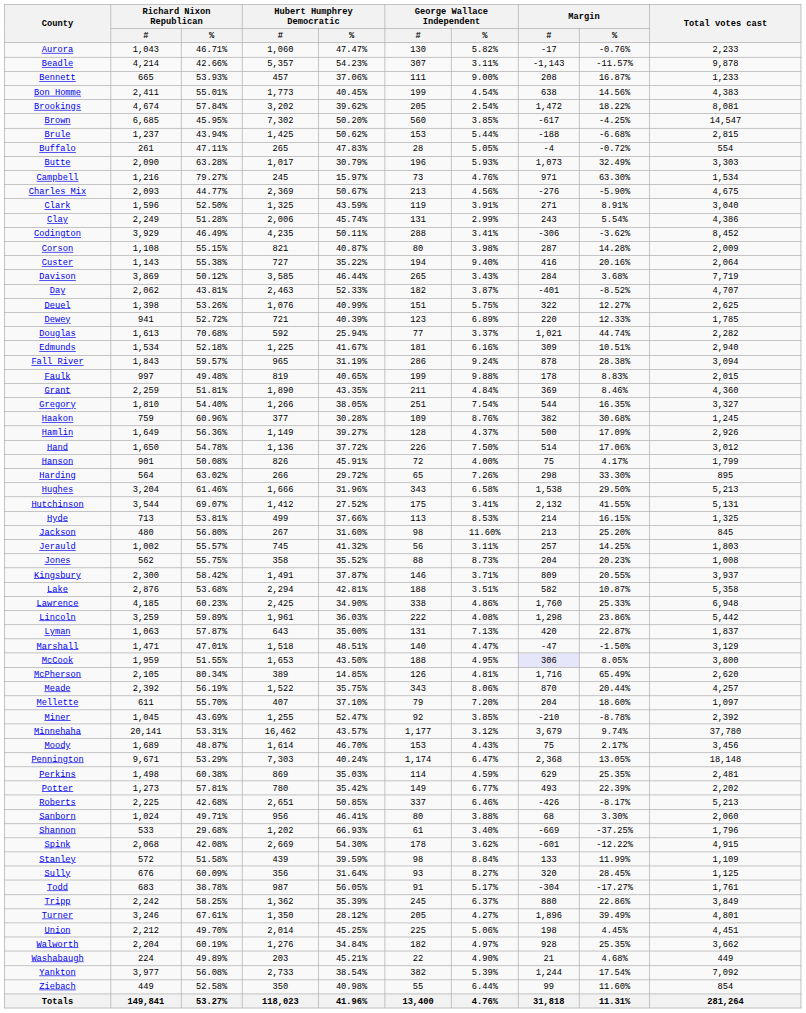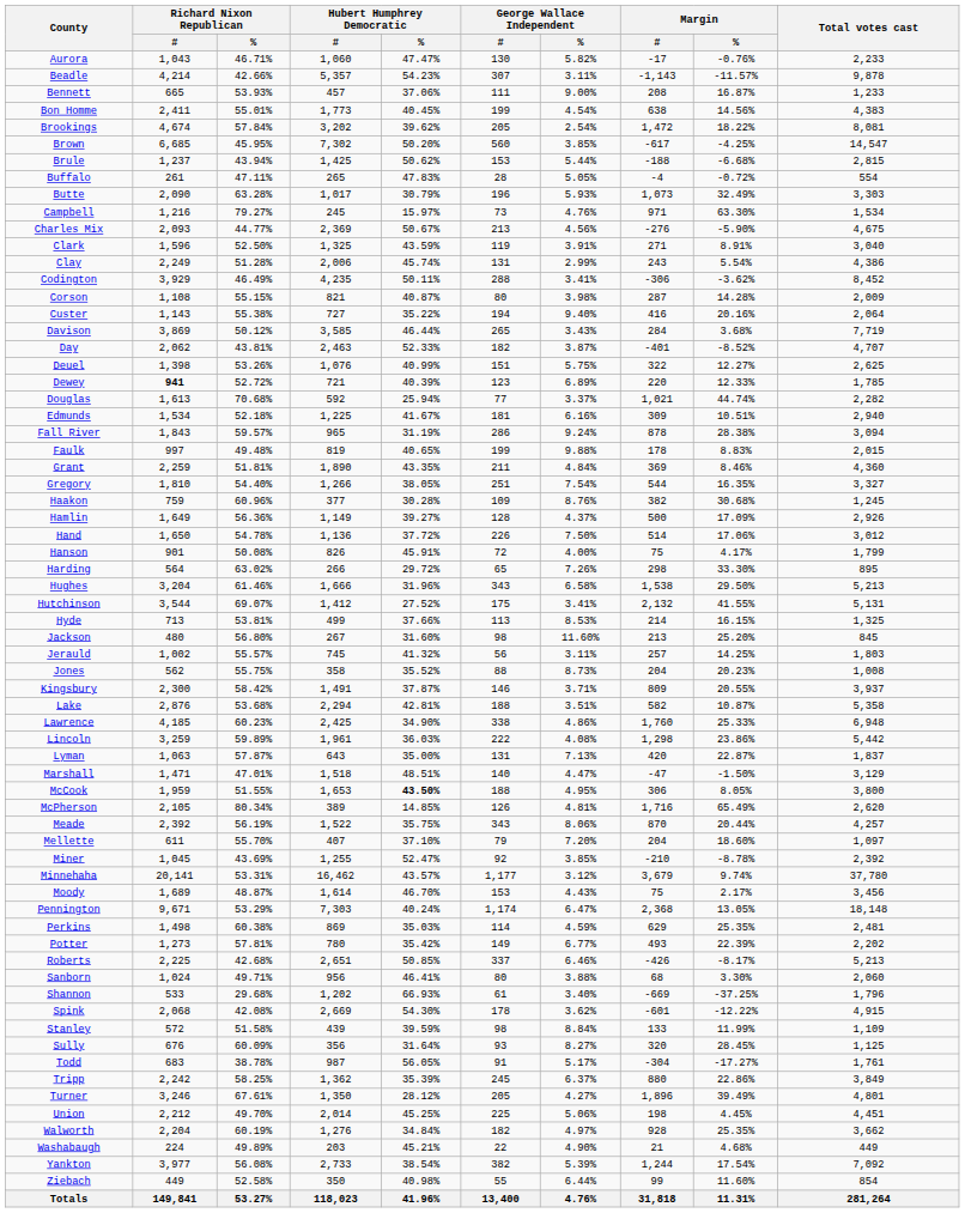 <table class="wikitable sortable" width="60%">
 <tr>
 <th rowspan="2">County</th>
 <th colspan="2">Richard Nixon<br>Republican</th>
 <th colspan="2">Hubert Humphrey<br>Democratic</th>
 <th colspan="2">George Wallace<br>Independent</th>
 <th colspan="2">Margin</th>
 <th rowspan="2">Total votes cast</th>
 </tr>
 <tr style="text-align:center;">
 <th data-sort-type="number">#</th>
 <th data-sort-type="number">%</th>
 <th data-sort-type="number">#</th>
 <th data-sort-type="number">%</th>
 <th data-sort-type="number">#</th>
 <th data-sort-type="number">%</th>
 <th data-sort-type="number">#</th>
 <th data-sort-type="number">%</th>
 </tr>
 <tr style="text-align:center;">
 <td><a href='#'>Aurora</a></td>
 <td>1,043</td>
 <td>46.71%</td>
 <td>1,060</td>
 <td>47.47%</td>
 <td>130</td>
 <td>5.82%</td>
 <td>-17</td>
 <td>-0.76%</td>
 <td>2,233</td>
 </tr>
 <tr style="text-align:center;">
 <td><a href='#'>Beadle</a></td>
 <td>4,214</td>
 <td>42.66%</td>
 <td>5,357</td>
 <td>54.23%</td>
 <td>307</td>
 <td>3.11%</td>
 <td>-1,143</td>
 <td>-11.57%</td>
 <td>9,878</td>
 </tr>
 <tr style="text-align:center;">
 <td><a href='#'>Bennett</a></td>
 <td>665</td>
 <td>53.93%</td>
 <td>457</td>
 <td>37.06%</td>
 <td>111</td>
 <td>9.00%</td>
 <td>208</td>
 <td>16.87%</td>
 <td>1,233</td>
 </tr>
 <tr style="text-align:center;">
 <td><a href='#'>Bon Homme</a></td>
 <td>2,411</td>
 <td>55.01%</td>
 <td>1,773</td>
 <td>40.45%</td>
 <td>199</td>
 <td>4.54%</td>
 <td>638</td>
 <td>14.56%</td>
 <td>4,383</td>
 </tr>
 <tr style="text-align:center;">
 <td><a href='#'>Brookings</a></td>
 <td>4,674</td>
 <td>57.84%</td>
 <td>3,202</td>
 <td>39.62%</td>
 <td>205</td>
 <td>2.54%</td>
 <td>1,472</td>
 <td>18.22%</td>
 <td>8,081</td>
 </tr>
 <tr style="text-align:center;">
 <td><a href='#'>Brown</a></td>
 <td>6,685</td>
 <td>45.95%</td>
 <td>7,302</td>
 <td>50.20%</td>
 <td>560</td>
 <td>3.85%</td>
 <td>-617</td>
 <td>-4.25%</td>
 <td>14,547</td>
 </tr>
 <tr style="text-align:center;">
 <td><a href='#'>Brule</a></td>
 <td>1,237</td>
 <td>43.94%</td>
 <td>1,425</td>
 <td>50.62%</td>
 <td>153</td>
 <td>5.44%</td>
 <td>-188</td>
 <td>-6.68%</td>
 <td>2,815</td>
 </tr>
 <tr style="text-align:center;">
 <td><a href='#'>Buffalo</a></td>
 <td>261</td>
 <td>47.11%</td>
 <td>265</td>
 <td>47.83%</td>
 <td>28</td>
 <td>5.05%</td>
 <td>-4</td>
 <td>-0.72%</td>
 <td>554</td>
 </tr>
 <tr style="text-align:center;">
 <td><a href='#'>Butte</a></td>
 <td>2,090</td>
 <td>63.28%</td>
 <td>1,017</td>
 <td>30.79%</td>
 <td>196</td>
 <td>5.93%</td>
 <td>1,073</td>
 <td>32.49%</td>
 <td>3,303</td>
 </tr>
 <tr style="text-align:center;">
 <td><a href='#'>Campbell</a></td>
 <td>1,216</td>
 <td>79.27%</td>
 <td>245</td>
 <td>15.97%</td>
 <td>73</td>
 <td>4.76%</td>
 <td>971</td>
 <td>63.30%</td>
 <td>1,534</td>
 </tr>
 <tr style="text-align:center;">
 <td><a href='#'>Charles Mix</a></td>
 <td>2,093</td>
 <td>44.77%</td>
 <td>2,369</td>
 <td>50.67%</td>
 <td>213</td>
 <td>4.56%</td>
 <td>-276</td>
 <td>-5.90%</td>
 <td>4,675</td>
 </tr>
 <tr style="text-align:center;">
 <td><a href='#'>Clark</a></td>
 <td>1,596</td>
 <td>52.50%</td>
 <td>1,325</td>
 <td>43.59%</td>
 <td>119</td>
 <td>3.91%</td>
 <td>271</td>
 <td>8.91%</td>
 <td>3,040</td>
 </tr>
 <tr style="text-align:center;">
 <td><a href='#'>Clay</a></td>
 <td>2,249</td>
 <td>51.28%</td>
 <td>2,006</td>
 <td>45.74%</td>
 <td>131</td>
 <td>2.99%</td>
 <td>243</td>
 <td>5.54%</td>
 <td>4,386</td>
 </tr>
 <tr style="text-align:center;">
 <td><a href='#'>Codington</a></td>
 <td>3,929</td>
 <td>46.49%</td>
 <td>4,235</td>
 <td>50.11%</td>
 <td>288</td>
 <td>3.41%</td>
 <td>-306</td>
 <td>-3.62%</td>
 <td>8,452</td>
 </tr>
 <tr style="text-align:center;">
 <td><a href='#'>Corson</a></td>
 <td>1,108</td>
 <td>55.15%</td>
 <td>821</td>
 <td>40.87%</td>
 <td>80</td>
 <td>3.98%</td>
 <td>287</td>
 <td>14.28%</td>
 <td>2,009</td>
 </tr>
 <tr style="text-align:center;">
 <td><a href='#'>Custer</a></td>
 <td>1,143</td>
 <td>55.38%</td>
 <td>727</td>
 <td>35.22%</td>
 <td>194</td>
 <td>9.40%</td>
 <td>416</td>
 <td>20.16%</td>
 <td>2,064</td>
 </tr>
 <tr style="text-align:center;">
 <td><a href='#'>Davison</a></td>
 <td>3,869</td>
 <td>50.12%</td>
 <td>3,585</td>
 <td>46.44%</td>
 <td>265</td>
 <td>3.43%</td>
 <td>284</td>
 <td>3.68%</td>
 <td>7,719</td>
 </tr>
 <tr style="text-align:center;">
 <td><a href='#'>Day</a></td>
 <td>2,062</td>
 <td>43.81%</td>
 <td>2,463</td>
 <td>52.33%</td>
 <td>182</td>
 <td>3.87%</td>
 <td>-401</td>
 <td>-8.52%</td>
 <td>4,707</td>
 </tr>
 <tr style="text-align:center;">
 <td><a href='#'>Deuel</a></td>
 <td>1,398</td>
 <td>53.26%</td>
 <td>1,076</td>
 <td>40.99%</td>
 <td>151</td>
 <td>5.75%</td>
 <td>322</td>
 <td>12.27%</td>
 <td>2,625</td>
 </tr>
 <tr style="text-align:center;">
 <td><a href='#'>Dewey</a></td>
-<td>941</td>
+<td><strong>941</strong></td>
 <td>52.72%</td>
 <td>721</td>
 <td>40.39%</td>
 <td>123</td>
 <td>6.89%</td>
 <td>220</td>
 <td>12.33%</td>
 <td>1,785</td>
 </tr>
 <tr style="text-align:center;">
 <td><a href='#'>Douglas</a></td>
 <td>1,613</td>
 <td>70.68%</td>
 <td>592</td>
 <td>25.94%</td>
 <td>77</td>
 <td>3.37%</td>
 <td>1,021</td>
 <td>44.74%</td>
 <td>2,282</td>
 </tr>
 <tr style="text-align:center;">
 <td><a href='#'>Edmunds</a></td>
 <td>1,534</td>
 <td>52.18%</td>
 <td>1,225</td>
 <td>41.67%</td>
 <td>181</td>
 <td>6.16%</td>
 <td>309</td>
 <td>10.51%</td>
 <td>2,940</td>
 </tr>
 <tr style="text-align:center;">
 <td><a href='#'>Fall River</a></td>
 <td>1,843</td>
 <td>59.57%</td>
 <td>965</td>
 <td>31.19%</td>
 <td>286</td>
 <td>9.24%</td>
 <td>878</td>
 <td>28.38%</td>
 <td>3,094</td>
 </tr>
 <tr style="text-align:center;">
 <td><a href='#'>Faulk</a></td>
 <td>997</td>
 <td>49.48%</td>
 <td>819</td>
 <td>40.65%</td>
 <td>199</td>
 <td>9.88%</td>
 <td>178</td>
 <td>8.83%</td>
 <td>2,015</td>
 </tr>
 <tr style="text-align:center;">
 <td><a href='#'>Grant</a></td>
 <td>2,259</td>
 <td>51.81%</td>
 <td>1,890</td>
 <td>43.35%</td>
 <td>211</td>
 <td>4.84%</td>
 <td>369</td>
 <td>8.46%</td>
 <td>4,360</td>
 </tr>
 <tr style="text-align:center;">
 <td><a href='#'>Gregory</a></td>
 <td>1,810</td>
 <td>54.40%</td>
 <td>1,266</td>
 <td>38.05%</td>
 <td>251</td>
 <td>7.54%</td>
 <td>544</td>
 <td>16.35%</td>
 <td>3,327</td>
 </tr>
 <tr style="text-align:center;">
 <td><a href='#'>Haakon</a></td>
 <td>759</td>
 <td>60.96%</td>
 <td>377</td>
 <td>30.28%</td>
 <td>109</td>
 <td>8.76%</td>
 <td>382</td>
 <td>30.68%</td>
 <td>1,245</td>
 </tr>
 <tr style="text-align:center;">
 <td><a href='#'>Hamlin</a></td>
 <td>1,649</td>
 <td>56.36%</td>
 <td>1,149</td>
 <td>39.27%</td>
 <td>128</td>
 <td>4.37%</td>
 <td>500</td>
 <td>17.09%</td>
 <td>2,926</td>
 </tr>
 <tr style="text-align:center;">
 <td><a href='#'>Hand</a></td>
 <td>1,650</td>
 <td>54.78%</td>
 <td>1,136</td>
 <td>37.72%</td>
 <td>226</td>
 <td>7.50%</td>
 <td>514</td>
 <td>17.06%</td>
 <td>3,012</td>
 </tr>
 <tr style="text-align:center;">
 <td><a href='#'>Hanson</a></td>
 <td>901</td>
 <td>50.08%</td>
 <td>826</td>
 <td>45.91%</td>
 <td>72</td>
 <td>4.00%</td>
 <td>75</td>
 <td>4.17%</td>
 <td>1,799</td>
 </tr>
 <tr style="text-align:center;">
 <td><a href='#'>Harding</a></td>
 <td>564</td>
 <td>63.02%</td>
 <td>266</td>
 <td>29.72%</td>
 <td>65</td>
 <td>7.26%</td>
 <td>298</td>
 <td>33.30%</td>
 <td>895</td>
 </tr>
 <tr style="text-align:center;">
 <td><a href='#'>Hughes</a></td>
 <td>3,204</td>
 <td>61.46%</td>
 <td>1,666</td>
 <td>31.96%</td>
 <td>343</td>
 <td>6.58%</td>
 <td>1,538</td>
 <td>29.50%</td>
 <td>5,213</td>
 </tr>
 <tr style="text-align:center;">
 <td><a href='#'>Hutchinson</a></td>
 <td>3,544</td>
 <td>69.07%</td>
 <td>1,412</td>
 <td>27.52%</td>
 <td>175</td>
 <td>3.41%</td>
 <td>2,132</td>
 <td>41.55%</td>
 <td>5,131</td>
 </tr>
 <tr style="text-align:center;">
 <td><a href='#'>Hyde</a></td>
 <td>713</td>
 <td>53.81%</td>
 <td>499</td>
 <td>37.66%</td>
 <td>113</td>
 <td>8.53%</td>
 <td>214</td>
 <td>16.15%</td>
 <td>1,325</td>
 </tr>
 <tr style="text-align:center;">
 <td><a href='#'>Jackson</a></td>
 <td>480</td>
 <td>56.80%</td>
 <td>267</td>
 <td>31.60%</td>
 <td>98</td>
 <td>11.60%</td>
 <td>213</td>
 <td>25.20%</td>
 <td>845</td>
 </tr>
 <tr style="text-align:center;">
 <td><a href='#'>Jerauld</a></td>
 <td>1,002</td>
 <td>55.57%</td>
 <td>745</td>
 <td>41.32%</td>
 <td>56</td>
 <td>3.11%</td>
 <td>257</td>
 <td>14.25%</td>
 <td>1,803</td>
 </tr>
 <tr style="text-align:center;">
 <td><a href='#'>Jones</a></td>
 <td>562</td>
 <td>55.75%</td>
 <td>358</td>
 <td>35.52%</td>
 <td>88</td>
 <td>8.73%</td>
 <td>204</td>
 <td>20.23%</td>
 <td>1,008</td>
 </tr>
 <tr style="text-align:center;">
 <td><a href='#'>Kingsbury</a></td>
 <td>2,300</td>
 <td>58.42%</td>
 <td>1,491</td>
 <td>37.87%</td>
 <td>146</td>
 <td>3.71%</td>
 <td>809</td>
 <td>20.55%</td>
 <td>3,937</td>
 </tr>
 <tr style="text-align:center;">
 <td><a href='#'>Lake</a></td>
 <td>2,876</td>
 <td>53.68%</td>
 <td>2,294</td>
 <td>42.81%</td>
 <td>188</td>
 <td>3.51%</td>
 <td>582</td>
 <td>10.87%</td>
 <td>5,358</td>
 </tr>
 <tr style="text-align:center;">
 <td><a href='#'>Lawrence</a></td>
 <td>4,185</td>
 <td>60.23%</td>
 <td>2,425</td>
 <td>34.90%</td>
 <td>338</td>
 <td>4.86%</td>
 <td>1,760</td>
 <td>25.33%</td>
 <td>6,948</td>
 </tr>
 <tr style="text-align:center;">
 <td><a href='#'>Lincoln</a></td>
 <td>3,259</td>
 <td>59.89%</td>
 <td>1,961</td>
 <td>36.03%</td>
 <td>222</td>
 <td>4.08%</td>
 <td>1,298</td>
 <td>23.86%</td>
 <td>5,442</td>
 </tr>
 <tr style="text-align:center;">
 <td><a href='#'>Lyman</a></td>
 <td>1,063</td>
 <td>57.87%</td>
 <td>643</td>
 <td>35.00%</td>
 <td>131</td>
 <td>7.13%</td>
 <td>420</td>
 <td>22.87%</td>
 <td>1,837</td>
 </tr>
 <tr style="text-align:center;">
 <td><a href='#'>Marshall</a></td>
 <td>1,471</td>
 <td>47.01%</td>
 <td>1,518</td>
 <td>48.51%</td>
 <td>140</td>
 <td>4.47%</td>
 <td>-47</td>
 <td>-1.50%</td>
 <td>3,129</td>
 </tr>
 <tr style="text-align:center;">
 <td><a href='#'>McCook</a></td>
 <td>1,959</td>
 <td>51.55%</td>
 <td>1,653</td>
-<td>43.50%</td>
+<td><strong>43.50%</strong></td>
 <td>188</td>
 <td>4.95%</td>
-<td style="background: lavender;">306</td>
+<td>306</td>
 <td>8.05%</td>
 <td>3,800</td>
 </tr>
 <tr style="text-align:center;">
 <td><a href='#'>McPherson</a></td>
 <td>2,105</td>
 <td>80.34%</td>
 <td>389</td>
 <td>14.85%</td>
 <td>126</td>
 <td>4.81%</td>
 <td>1,716</td>
 <td>65.49%</td>
 <td>2,620</td>
 </tr>
 <tr style="text-align:center;">
 <td><a href='#'>Meade</a></td>
 <td>2,392</td>
 <td>56.19%</td>
 <td>1,522</td>
 <td>35.75%</td>
 <td>343</td>
 <td>8.06%</td>
 <td>870</td>
 <td>20.44%</td>
 <td>4,257</td>
 </tr>
 <tr style="text-align:center;">
 <td><a href='#'>Mellette</a></td>
 <td>611</td>
 <td>55.70%</td>
 <td>407</td>
 <td>37.10%</td>
 <td>79</td>
 <td>7.20%</td>
 <td>204</td>
 <td>18.60%</td>
 <td>1,097</td>
 </tr>
 <tr style="text-align:center;">
 <td><a href='#'>Miner</a></td>
 <td>1,045</td>
 <td>43.69%</td>
 <td>1,255</td>
 <td>52.47%</td>
 <td>92</td>
 <td>3.85%</td>
 <td>-210</td>
 <td>-8.78%</td>
 <td>2,392</td>
 </tr>
 <tr style="text-align:center;">
 <td><a href='#'>Minnehaha</a></td>
 <td>20,141</td>
 <td>53.31%</td>
 <td>16,462</td>
 <td>43.57%</td>
 <td>1,177</td>
 <td>3.12%</td>
 <td>3,679</td>
 <td>9.74%</td>
 <td>37,780</td>
 </tr>
 <tr style="text-align:center;">
 <td><a href='#'>Moody</a></td>
 <td>1,689</td>
 <td>48.87%</td>
 <td>1,614</td>
 <td>46.70%</td>
 <td>153</td>
 <td>4.43%</td>
 <td>75</td>
 <td>2.17%</td>
 <td>3,456</td>
 </tr>
 <tr style="text-align:center;">
 <td><a href='#'>Pennington</a></td>
 <td>9,671</td>
 <td>53.29%</td>
 <td>7,303</td>
 <td>40.24%</td>
 <td>1,174</td>
 <td>6.47%</td>
 <td>2,368</td>
 <td>13.05%</td>
 <td>18,148</td>
 </tr>
 <tr style="text-align:center;">
 <td><a href='#'>Perkins</a></td>
 <td>1,498</td>
 <td>60.38%</td>
 <td>869</td>
 <td>35.03%</td>
 <td>114</td>
 <td>4.59%</td>
 <td>629</td>
 <td>25.35%</td>
 <td>2,481</td>
 </tr>
 <tr style="text-align:center;">
 <td><a href='#'>Potter</a></td>
 <td>1,273</td>
 <td>57.81%</td>
 <td>780</td>
 <td>35.42%</td>
 <td>149</td>
 <td>6.77%</td>
 <td>493</td>
 <td>22.39%</td>
 <td>2,202</td>
 </tr>
 <tr style="text-align:center;">
 <td><a href='#'>Roberts</a></td>
 <td>2,225</td>
 <td>42.68%</td>
 <td>2,651</td>
 <td>50.85%</td>
 <td>337</td>
 <td>6.46%</td>
 <td>-426</td>
 <td>-8.17%</td>
 <td>5,213</td>
 </tr>
 <tr style="text-align:center;">
 <td><a href='#'>Sanborn</a></td>
 <td>1,024</td>
 <td>49.71%</td>
 <td>956</td>
 <td>46.41%</td>
 <td>80</td>
 <td>3.88%</td>
 <td>68</td>
 <td>3.30%</td>
 <td>2,060</td>
 </tr>
 <tr style="text-align:center;">
 <td><a href='#'>Shannon</a></td>
 <td>533</td>
 <td>29.68%</td>
 <td>1,202</td>
 <td>66.93%</td>
 <td>61</td>
 <td>3.40%</td>
 <td>-669</td>
 <td>-37.25%</td>
 <td>1,796</td>
 </tr>
 <tr style="text-align:center;">
 <td><a href='#'>Spink</a></td>
 <td>2,068</td>
 <td>42.08%</td>
 <td>2,669</td>
 <td>54.30%</td>
 <td>178</td>
 <td>3.62%</td>
 <td>-601</td>
 <td>-12.22%</td>
 <td>4,915</td>
 </tr>
 <tr style="text-align:center;">
 <td><a href='#'>Stanley</a></td>
 <td>572</td>
 <td>51.58%</td>
 <td>439</td>
 <td>39.59%</td>
 <td>98</td>
 <td>8.84%</td>
 <td>133</td>
 <td>11.99%</td>
 <td>1,109</td>
 </tr>
 <tr style="text-align:center;">
 <td><a href='#'>Sully</a></td>
 <td>676</td>
 <td>60.09%</td>
 <td>356</td>
 <td>31.64%</td>
 <td>93</td>
 <td>8.27%</td>
 <td>320</td>
 <td>28.45%</td>
 <td>1,125</td>
 </tr>
 <tr style="text-align:center;">
 <td><a href='#'>Todd</a></td>
 <td>683</td>
 <td>38.78%</td>
 <td>987</td>
 <td>56.05%</td>
 <td>91</td>
 <td>5.17%</td>
 <td>-304</td>
 <td>-17.27%</td>
 <td>1,761</td>
 </tr>
 <tr style="text-align:center;">
 <td><a href='#'>Tripp</a></td>
 <td>2,242</td>
 <td>58.25%</td>
 <td>1,362</td>
 <td>35.39%</td>
 <td>245</td>
 <td>6.37%</td>
 <td>880</td>
 <td>22.86%</td>
 <td>3,849</td>
 </tr>
 <tr style="text-align:center;">
 <td><a href='#'>Turner</a></td>
 <td>3,246</td>
 <td>67.61%</td>
 <td>1,350</td>
 <td>28.12%</td>
 <td>205</td>
 <td>4.27%</td>
 <td>1,896</td>
 <td>39.49%</td>
 <td>4,801</td>
 </tr>
 <tr style="text-align:center;">
 <td><a href='#'>Union</a></td>
 <td>2,212</td>
 <td>49.70%</td>
 <td>2,014</td>
 <td>45.25%</td>
 <td>225</td>
 <td>5.06%</td>
 <td>198</td>
 <td>4.45%</td>
 <td>4,451</td>
 </tr>
 <tr style="text-align:center;">
 <td><a href='#'>Walworth</a></td>
 <td>2,204</td>
 <td>60.19%</td>
 <td>1,276</td>
 <td>34.84%</td>
 <td>182</td>
 <td>4.97%</td>
 <td>928</td>
 <td>25.35%</td>
 <td>3,662</td>
 </tr>
 <tr style="text-align:center;">
 <td><a href='#'>Washabaugh</a></td>
 <td>224</td>
 <td>49.89%</td>
 <td>203</td>
 <td>45.21%</td>
 <td>22</td>
 <td>4.90%</td>
 <td>21</td>
 <td>4.68%</td>
 <td>449</td>
 </tr>
 <tr style="text-align:center;">
 <td><a href='#'>Yankton</a></td>
 <td>3,977</td>
 <td>56.08%</td>
 <td>2,733</td>
 <td>38.54%</td>
 <td>382</td>
 <td>5.39%</td>
 <td>1,244</td>
 <td>17.54%</td>
 <td>7,092</td>
 </tr>
 <tr style="text-align:center;">
 <td><a href='#'>Ziebach</a></td>
 <td>449</td>
 <td>52.58%</td>
 <td>350</td>
 <td>40.98%</td>
 <td>55</td>
 <td>6.44%</td>
 <td>99</td>
 <td>11.60%</td>
 <td>854</td>
 </tr>
 <tr style="text-align:center;">
 <th>Totals</th>
 <th>149,841</th>
 <th>53.27%</th>
 <th>118,023</th>
 <th>41.96%</th>
 <th>13,400</th>
 <th>4.76%</th>
 <th>31,818</th>
 <th>11.31%</th>
 <th>281,264</th>
 </tr>
 </table>
